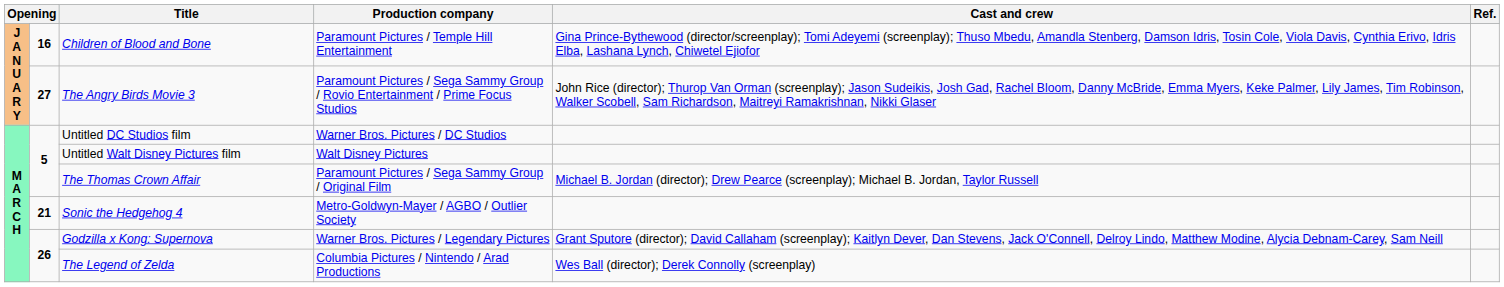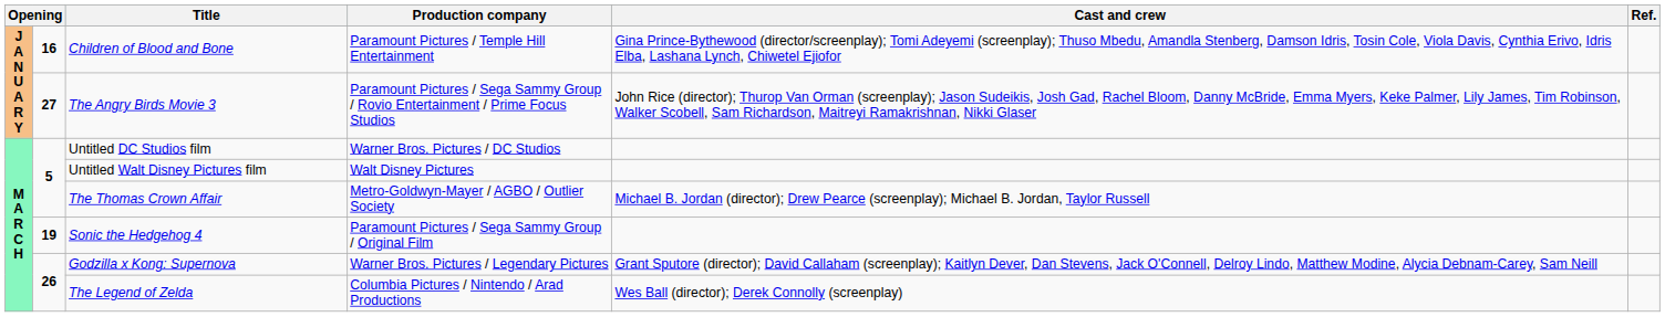 <table class="wikitable sortable">
 <tr style="background:#b0e0e6; text-align:center;">
 <th colspan="2">Opening</th>
 <th style="width:17%;">Title</th>
 <th style="width:16%;">Production company</th>
 <th>Cast and crew</th>
 <th class="unsortable">Ref.</th>
 </tr>
 <tr>
 <th rowspan="2" style="text-align:center; background:#f7bf87;">J<br>A<br>N<br>U<br>A<br>R<br>Y</th>
 <td rowspan="1" style="text-align:center;"><strong>16</strong></td>
 <td><em><a href='#'>Children of Blood and Bone</a></em></td>
 <td><a href='#'>Paramount Pictures</a> / <a href='#'>Temple Hill Entertainment</a></td>
 <td><a href='#'>Gina Prince-Bythewood</a> (director/screenplay); <a href='#'>Tomi Adeyemi</a> (screenplay); <a href='#'>Thuso Mbedu</a>, <a href='#'>Amandla Stenberg</a>, <a href='#'>Damson Idris</a>, <a href='#'>Tosin Cole</a>, <a href='#'>Viola Davis</a>, <a href='#'>Cynthia Erivo</a>,  <a href='#'>Idris Elba</a>, <a href='#'>Lashana Lynch</a>, <a href='#'>Chiwetel Ejiofor</a></td>
 <td style="text-align:center"></td>
 </tr>
 <tr>
 <td rowspan="1" style="text-align:center;"><strong>27</strong></td>
 <td><em><a href='#'>The Angry Birds Movie 3</a></em></td>
 <td><a href='#'>Paramount Pictures</a> / <a href='#'>Sega Sammy Group</a> / <a href='#'>Rovio Entertainment</a> / <a href='#'>Prime Focus Studios</a></td>
 <td>John Rice (director); <a href='#'>Thurop Van Orman</a> (screenplay); <a href='#'>Jason Sudeikis</a>, <a href='#'>Josh Gad</a>, <a href='#'>Rachel Bloom</a>, <a href='#'>Danny McBride</a>, <a href='#'>Emma Myers</a>, <a href='#'>Keke Palmer</a>, <a href='#'>Lily James</a>, <a href='#'>Tim Robinson</a>, <a href='#'>Walker Scobell</a>, <a href='#'>Sam Richardson</a>, <a href='#'>Maitreyi Ramakrishnan</a>, <a href='#'>Nikki Glaser</a></td>
 <td style="text-align:center"></td>
 </tr>
 <tr>
 <th rowspan="6" style="text-align:center; background:#87f7bf; text color:#000;">M<br>A<br>R<br>C<br>H</th>
 <td rowspan="3" style="text-align:center;"><strong>5</strong></td>
 <td>Untitled <a href='#'>DC Studios</a> film</td>
 <td><a href='#'>Warner Bros. Pictures</a> / <a href='#'>DC Studios</a></td>
 <td></td>
 <td style="text-align:center"></td>
 </tr>
 <tr>
 <td>Untitled <a href='#'>Walt Disney Pictures</a> film</td>
 <td><a href='#'>Walt Disney Pictures</a></td>
 <td></td>
 <td style="text-align:center"></td>
 </tr>
 <tr>
 <td><em><a href='#'>The Thomas Crown Affair</a></em></td>
-<td><a href='#'>Paramount Pictures</a> / <a href='#'>Sega Sammy Group</a> / <a href='#'>Original Film</a></td>
+<td><a href='#'>Metro-Goldwyn-Mayer</a> / <a href='#'>AGBO</a> / <a href='#'>Outlier Society</a></td>
 <td><a href='#'>Michael B. Jordan</a> (director); <a href='#'>Drew Pearce</a> (screenplay); Michael B. Jordan, <a href='#'>Taylor Russell</a></td>
 <td style="text-align:center"></td>
 </tr>
 <tr>
-<td rowspan="1" style="text-align:center;"><strong>21</strong></td>
+<td rowspan="1" style="text-align:center;"><strong>19</strong></td>
 <td><em><a href='#'>Sonic the Hedgehog 4</a></em></td>
-<td><a href='#'>Metro-Goldwyn-Mayer</a> / <a href='#'>AGBO</a> / <a href='#'>Outlier Society</a></td>
+<td><a href='#'>Paramount Pictures</a> / <a href='#'>Sega Sammy Group</a> / <a href='#'>Original Film</a></td>
 <td></td>
 <td style="text-align:center;"></td>
 </tr>
 <tr>
 <td rowspan="2" style="text-align:center;"><strong>26</strong></td>
 <td><em><a href='#'>Godzilla x Kong: Supernova</a></em></td>
 <td><a href='#'>Warner Bros. Pictures</a> / <a href='#'>Legendary Pictures</a></td>
 <td><a href='#'>Grant Sputore</a> (director); <a href='#'>David Callaham</a> (screenplay); <a href='#'>Kaitlyn Dever</a>, <a href='#'>Dan Stevens</a>, <a href='#'>Jack O'Connell</a>, <a href='#'>Delroy Lindo</a>, <a href='#'>Matthew Modine</a>, <a href='#'>Alycia Debnam-Carey</a>, <a href='#'>Sam Neill</a></td>
 <td style="text-align:center"></td>
 </tr>
 <tr>
 <td><em><a href='#'>The Legend of Zelda</a></em></td>
 <td><a href='#'>Columbia Pictures</a> / <a href='#'>Nintendo</a> / <a href='#'>Arad Productions</a></td>
 <td><a href='#'>Wes Ball</a> (director); <a href='#'>Derek Connolly</a> (screenplay)</td>
 <td style="text-align:center"></td>
 </tr>
 </table>
